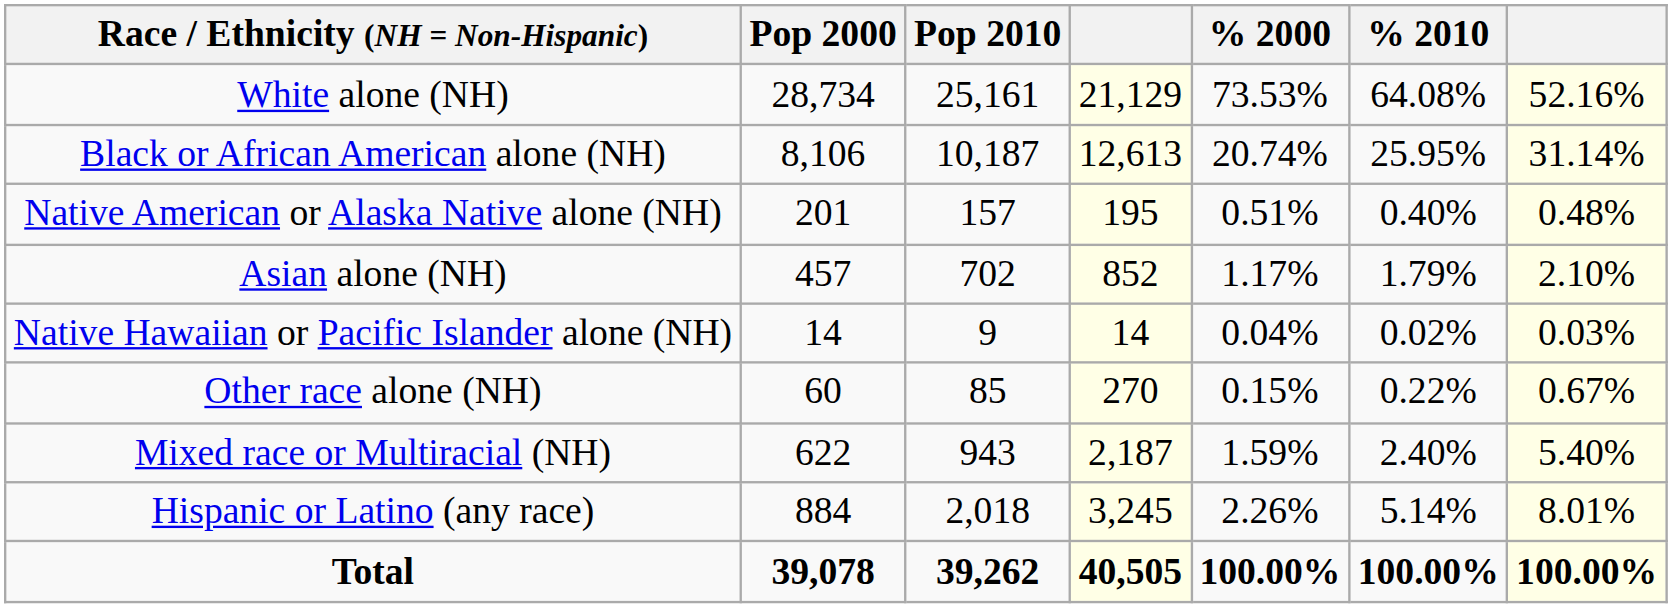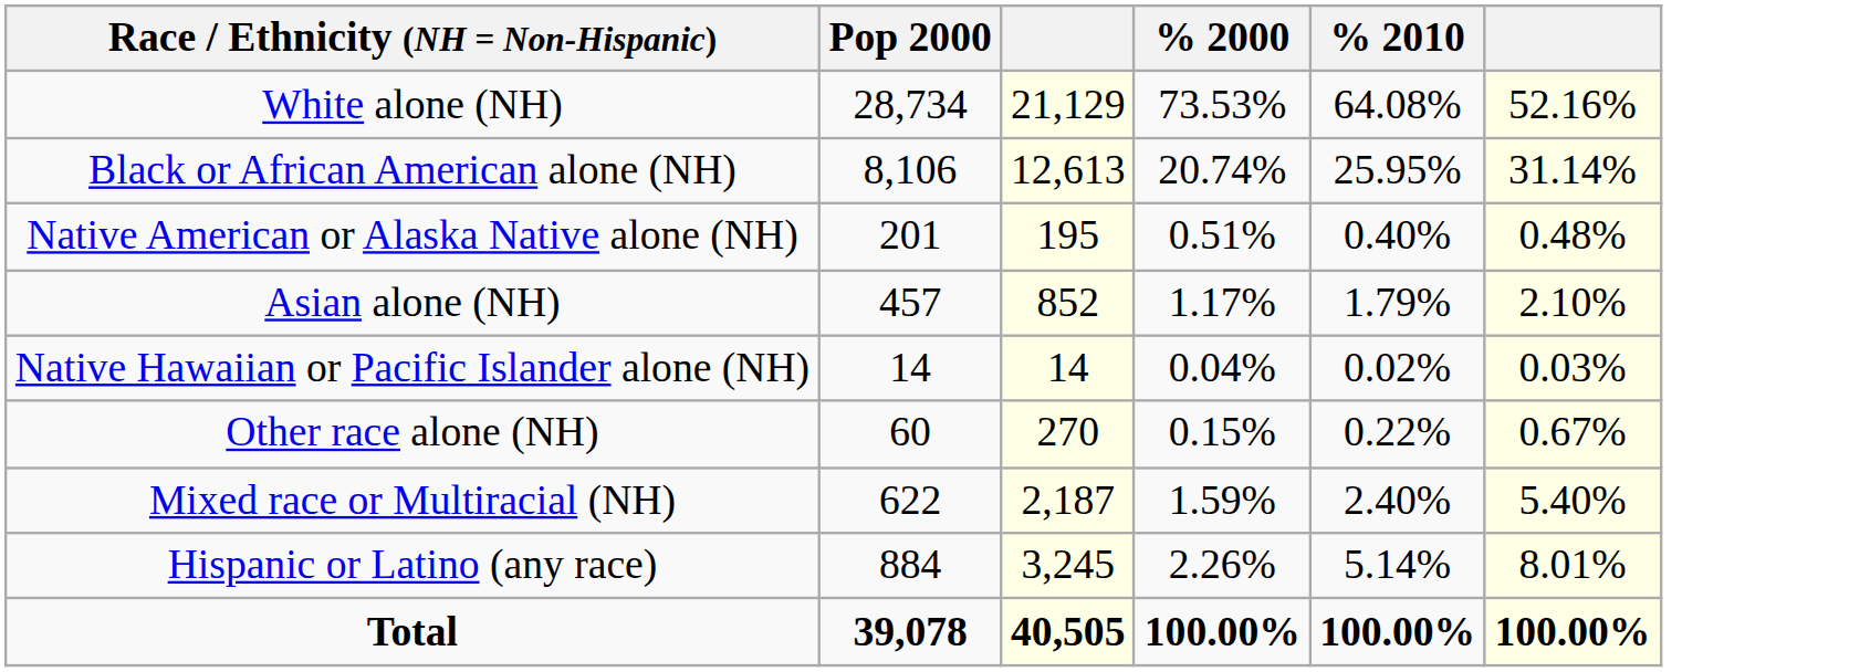 <table class="wikitable" style="text-align:center;">
 <tr>
 <th>Race / Ethnicity <small>(<em>NH = Non-Hispanic</em>)</small></th>
 <th>Pop 2000</th>
-<th>Pop 2010</th>
 <th></th>
 <th>% 2000</th>
 <th>% 2010</th>
 <th></th>
 </tr>
 <tr>
 <td><a href='#'>White</a> alone (NH)</td>
 <td>28,734</td>
-<td>25,161</td>
 <td style='background: #ffffe6;'>21,129</td>
 <td>73.53%</td>
 <td>64.08%</td>
 <td style='background: #ffffe6;'>52.16%</td>
 </tr>
 <tr>
 <td><a href='#'>Black or African American</a> alone (NH)</td>
 <td>8,106</td>
-<td>10,187</td>
 <td style='background: #ffffe6;'>12,613</td>
 <td>20.74%</td>
 <td>25.95%</td>
 <td style='background: #ffffe6;'>31.14%</td>
 </tr>
 <tr>
 <td><a href='#'>Native American</a> or <a href='#'>Alaska Native</a> alone (NH)</td>
 <td>201</td>
-<td>157</td>
 <td style='background: #ffffe6;'>195</td>
 <td>0.51%</td>
 <td>0.40%</td>
 <td style='background: #ffffe6;'>0.48%</td>
 </tr>
 <tr>
 <td><a href='#'>Asian</a> alone (NH)</td>
 <td>457</td>
-<td>702</td>
 <td style='background: #ffffe6;'>852</td>
 <td>1.17%</td>
 <td>1.79%</td>
 <td style='background: #ffffe6;'>2.10%</td>
 </tr>
 <tr>
 <td><a href='#'>Native Hawaiian</a> or <a href='#'>Pacific Islander</a> alone (NH)</td>
 <td>14</td>
-<td>9</td>
 <td style='background: #ffffe6;'>14</td>
 <td>0.04%</td>
 <td>0.02%</td>
 <td style='background: #ffffe6;'>0.03%</td>
 </tr>
 <tr>
 <td><a href='#'>Other race</a> alone (NH)</td>
 <td>60</td>
-<td>85</td>
 <td style='background: #ffffe6;'>270</td>
 <td>0.15%</td>
 <td>0.22%</td>
 <td style='background: #ffffe6;'>0.67%</td>
 </tr>
 <tr>
 <td><a href='#'>Mixed race or Multiracial</a> (NH)</td>
 <td>622</td>
-<td>943</td>
 <td style='background: #ffffe6;'>2,187</td>
 <td>1.59%</td>
 <td>2.40%</td>
 <td style='background: #ffffe6;'>5.40%</td>
 </tr>
 <tr>
 <td><a href='#'>Hispanic or Latino</a> (any race)</td>
 <td>884</td>
-<td>2,018</td>
 <td style='background: #ffffe6;'>3,245</td>
 <td>2.26%</td>
 <td>5.14%</td>
 <td style='background: #ffffe6;'>8.01%</td>
 </tr>
 <tr>
 <td><strong>Total</strong></td>
 <td><strong>39,078</strong></td>
-<td><strong>39,262</strong></td>
 <td style='background: #ffffe6;'><strong>40,505</strong></td>
 <td><strong>100.00%</strong></td>
 <td><strong>100.00%</strong></td>
 <td style='background: #ffffe6;'><strong>100.00%</strong></td>
 </tr>
 </table>
